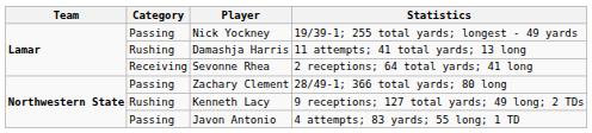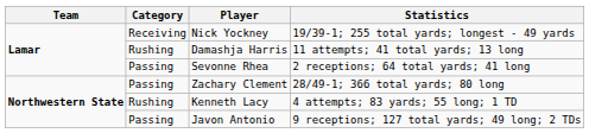 <table class="wikitable" style="float: right;">
 <tr>
 <th>Team</th>
 <th>Category</th>
 <th>Player</th>
 <th>Statistics</th>
 </tr>
 <tr>
 <td rowspan=3><strong>Lamar</strong></td>
-<td>Passing</td>
+<td>Receiving</td>
 <td>Nick Yockney</td>
 <td>19/39-1; 255 total yards; longest - 49 yards</td>
 </tr>
 <tr>
 <td>Rushing</td>
 <td>Damashja Harris</td>
 <td>11 attempts; 41 total yards; 13 long</td>
 </tr>
 <tr>
-<td>Receiving</td>
+<td>Passing</td>
 <td>Sevonne Rhea</td>
 <td>2 receptions; 64 total yards; 41 long</td>
 </tr>
 <tr>
 <td rowspan=3><strong>Northwestern State</strong></td>
 <td>Passing</td>
 <td>Zachary Clement</td>
 <td>28/49-1; 366 total yards; 80 long</td>
 </tr>
 <tr>
 <td>Rushing</td>
 <td>Kenneth Lacy</td>
-<td>9 receptions; 127 total yards; 49 long; 2 TDs</td>
+<td>4 attempts; 83 yards; 55 long; 1 TD</td>
 </tr>
 <tr>
 <td>Passing</td>
 <td>Javon Antonio</td>
-<td>4 attempts; 83 yards; 55 long; 1 TD</td>
+<td>9 receptions; 127 total yards; 49 long; 2 TDs</td>
 </tr>
 </table>
